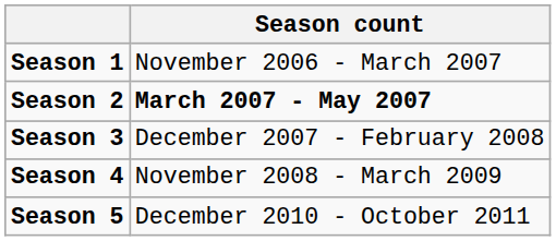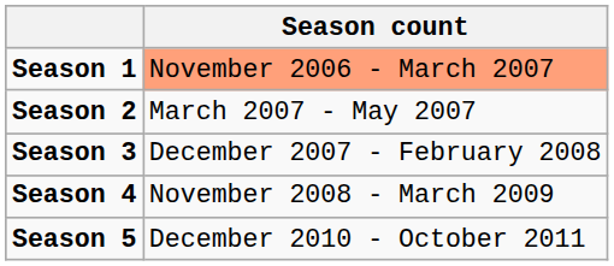 <table class="wikitable">
 <tr>
 <th></th>
 <th>Season count</th>
 </tr>
 <tr>
 <td><strong>Season 1</strong></td>
-<td>November 2006 - March 2007</td>
+<td style="background: lightsalmon;">November 2006 - March 2007</td>
 </tr>
 <tr>
 <td><strong>Season 2</strong></td>
-<td><strong>March 2007 - May 2007</strong></td>
+<td>March 2007 - May 2007</td>
 </tr>
 <tr>
 <td><strong>Season 3</strong></td>
 <td>December 2007 - February 2008</td>
 </tr>
 <tr>
 <td><strong>Season 4</strong></td>
 <td>November 2008 - March 2009</td>
 </tr>
 <tr>
 <td><strong>Season 5</strong></td>
 <td>December 2010 - October 2011</td>
 </tr>
 </table>
